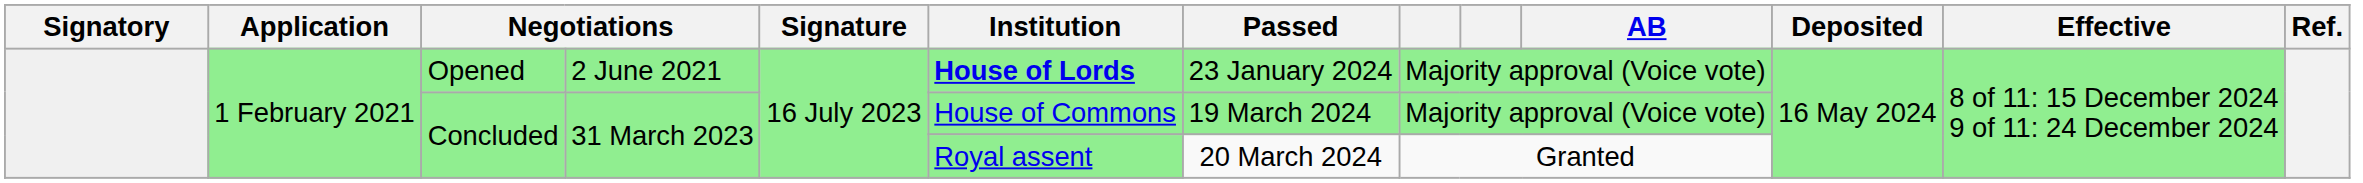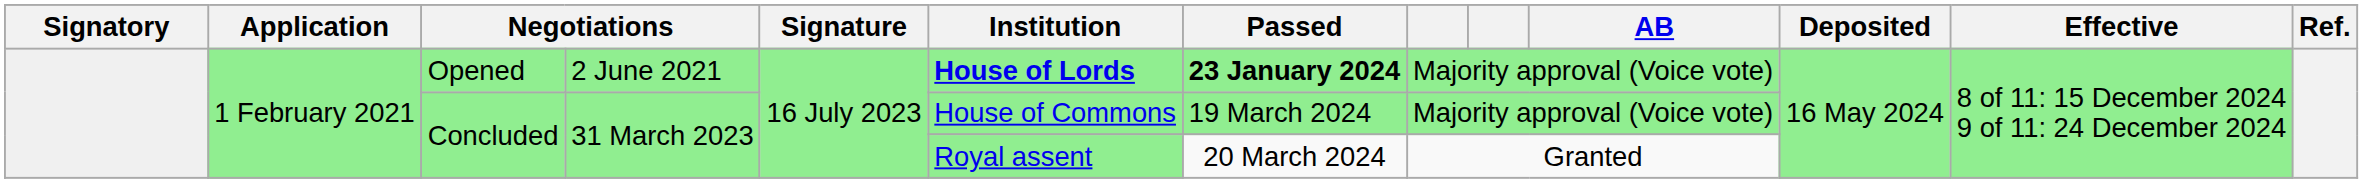 <table class="wikitable" style="font-size:90%; white-space:nowrap">
 <tr>
 <th style="width:100px">Signatory</th>
 <th>Application</th>
 <th colspan="2">Negotiations</th>
 <th>Signature</th>
 <th>Institution</th>
 <th>Passed</th>
 <th></th>
 <th></th>
 <th><a href='#'>AB</a></th>
 <th>Deposited</th>
 <th>Effective</th>
 <th>Ref.<br></th>
 </tr>
 <tr>
 <td rowspan="3"  style="background:#F0F0F0"><strong></strong></td>
 <td rowspan="3"  style="background:lightgreen">1 February 2021</td>
 <td style="background:lightgreen">Opened</td>
 <td style="background:lightgreen">2 June 2021</td>
 <td rowspan="3"  style="background:lightgreen">16 July 2023</td>
 <td style="background:lightgreen"><strong><a href='#'>House of Lords</a></strong></td>
-<td style="text-align:center; background:lightgreen">23 January 2024</td>
+<td style="text-align:center; background:lightgreen"><strong>23 January 2024</strong></td>
 <td style="text-align:center; background:lightgreen" colspan="3">Majority approval (Voice vote)</td>
 <td rowspan="3" style="text-align:center;background:lightgreen">16 May 2024</td>
 <td rowspan="3" style="text-align:center; background:lightgreen">8 of 11: 15 December 2024<br>9 of 11: 24 December 2024</td>
 <th rowspan="3"></th>
 </tr>
 <tr>
 <td rowspan="2" style="background:lightgreen">Concluded</td>
 <td rowspan="2" style="background:lightgreen">31 March 2023</td>
 <td style="background:lightgreen"><a href='#'>House of Commons</a></td>
 <td style="background:lightgreen">19 March 2024</td>
 <td colspan="3" style="background:lightgreen">Majority approval (Voice vote)</td>
 </tr>
 <tr>
 <td style="background:lightgreen"><a href='#'>Royal assent</a></td>
 <td style="text-align:center" style="background:lightgreen">20 March 2024</td>
 <td style="text-align:center" colspan="3" style="background:lightgreen">Granted</td>
 </tr>
 </table>
